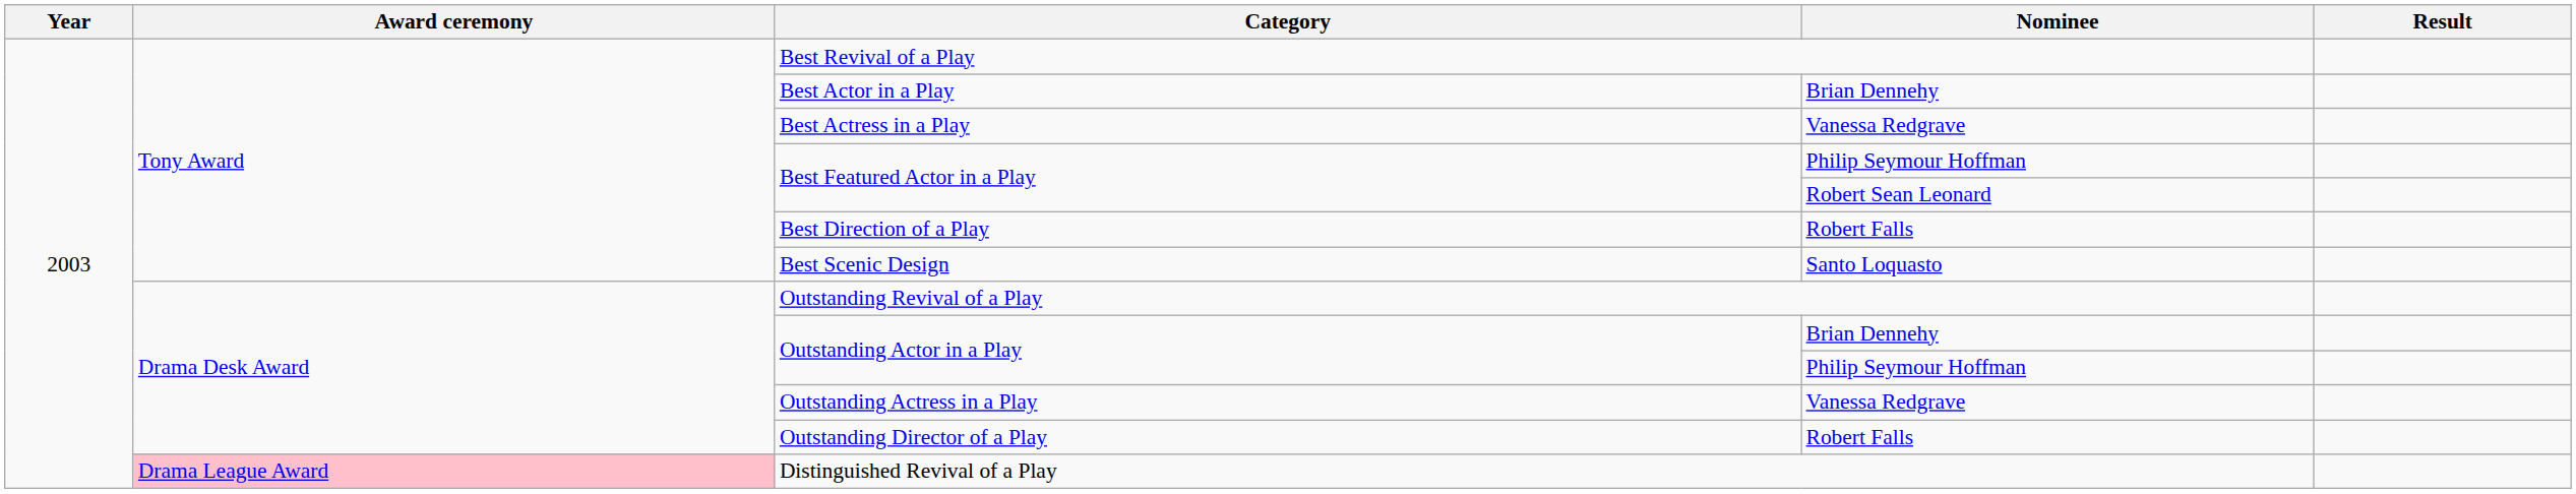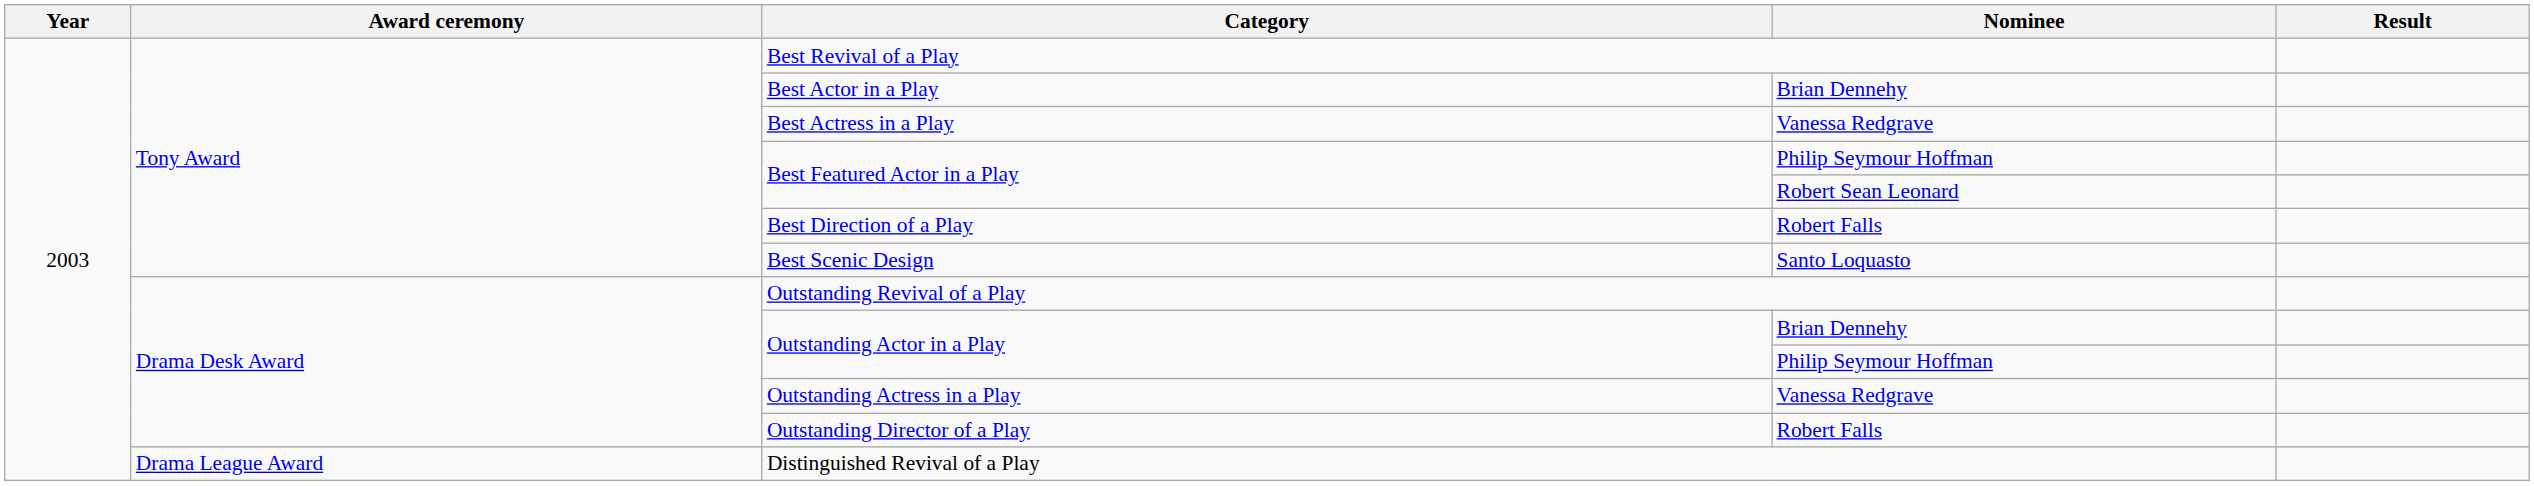 <table class="wikitable" width="95%">
 <tr>
 <th width="5%">Year</th>
 <th width="25%">Award ceremony</th>
 <th width="40%">Category</th>
 <th width="20%">Nominee</th>
 <th width="10%">Result</th>
 </tr>
 <tr>
 <td rowspan="13" align="center">2003</td>
 <td rowspan="7"><a href='#'>Tony Award</a></td>
 <td colspan="2"><a href='#'>Best Revival of a Play</a></td>
 <td></td>
 </tr>
 <tr>
 <td><a href='#'>Best Actor in a Play</a></td>
 <td><a href='#'>Brian Dennehy</a></td>
 <td></td>
 </tr>
 <tr>
 <td><a href='#'>Best Actress in a Play</a></td>
 <td><a href='#'>Vanessa Redgrave</a></td>
 <td></td>
 </tr>
 <tr>
 <td rowspan="2"><a href='#'>Best Featured Actor in a Play</a></td>
 <td><a href='#'>Philip Seymour Hoffman</a></td>
 <td></td>
 </tr>
 <tr>
 <td><a href='#'>Robert Sean Leonard</a></td>
 <td></td>
 </tr>
 <tr>
 <td><a href='#'>Best Direction of a Play</a></td>
 <td><a href='#'>Robert Falls</a></td>
 <td></td>
 </tr>
 <tr>
 <td><a href='#'>Best Scenic Design</a></td>
 <td><a href='#'>Santo Loquasto</a></td>
 <td></td>
 </tr>
 <tr>
 <td rowspan="5"><a href='#'>Drama Desk Award</a></td>
 <td colspan="2"><a href='#'>Outstanding Revival of a Play</a></td>
 <td></td>
 </tr>
 <tr>
 <td rowspan="2"><a href='#'>Outstanding Actor in a Play</a></td>
 <td><a href='#'>Brian Dennehy</a></td>
 <td></td>
 </tr>
 <tr>
 <td><a href='#'>Philip Seymour Hoffman</a></td>
 <td></td>
 </tr>
 <tr>
 <td><a href='#'>Outstanding Actress in a Play</a></td>
 <td><a href='#'>Vanessa Redgrave</a></td>
 <td></td>
 </tr>
 <tr>
 <td><a href='#'>Outstanding Director of a Play</a></td>
 <td><a href='#'>Robert Falls</a></td>
 <td></td>
 </tr>
 <tr>
-<td style="background: pink;"><a href='#'>Drama League Award</a></td>
+<td><a href='#'>Drama League Award</a></td>
 <td colspan="2">Distinguished Revival of a Play</td>
 <td></td>
 </tr>
 </table>
